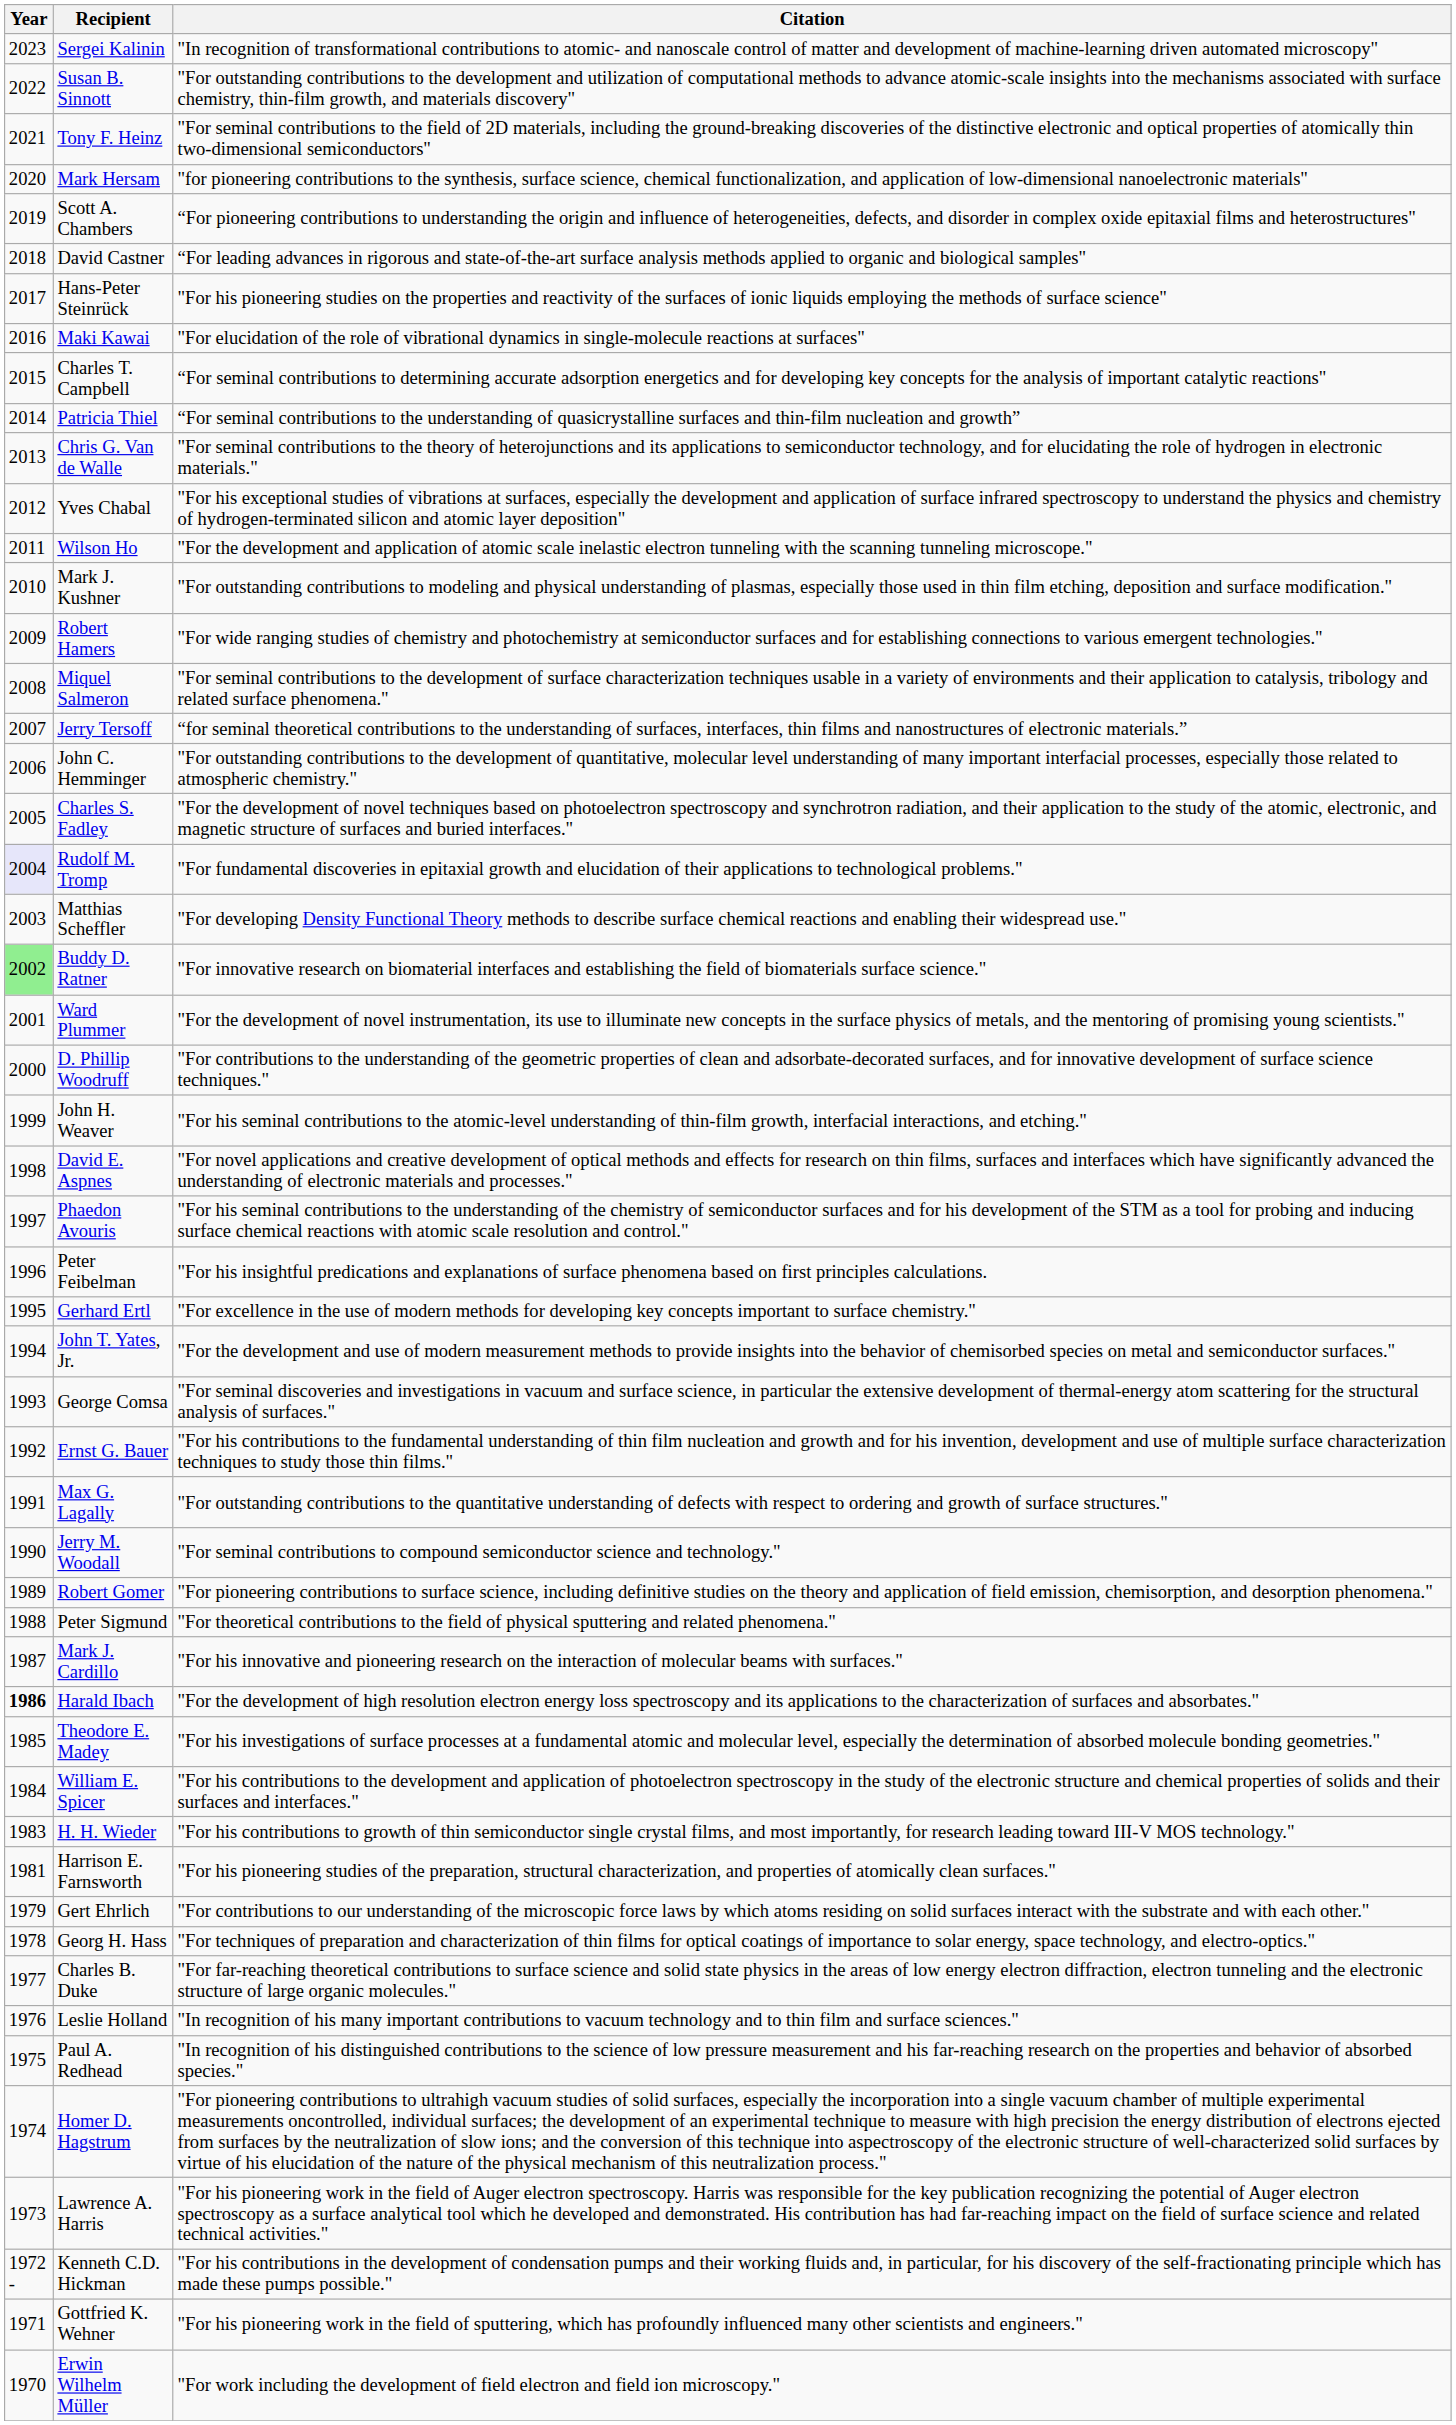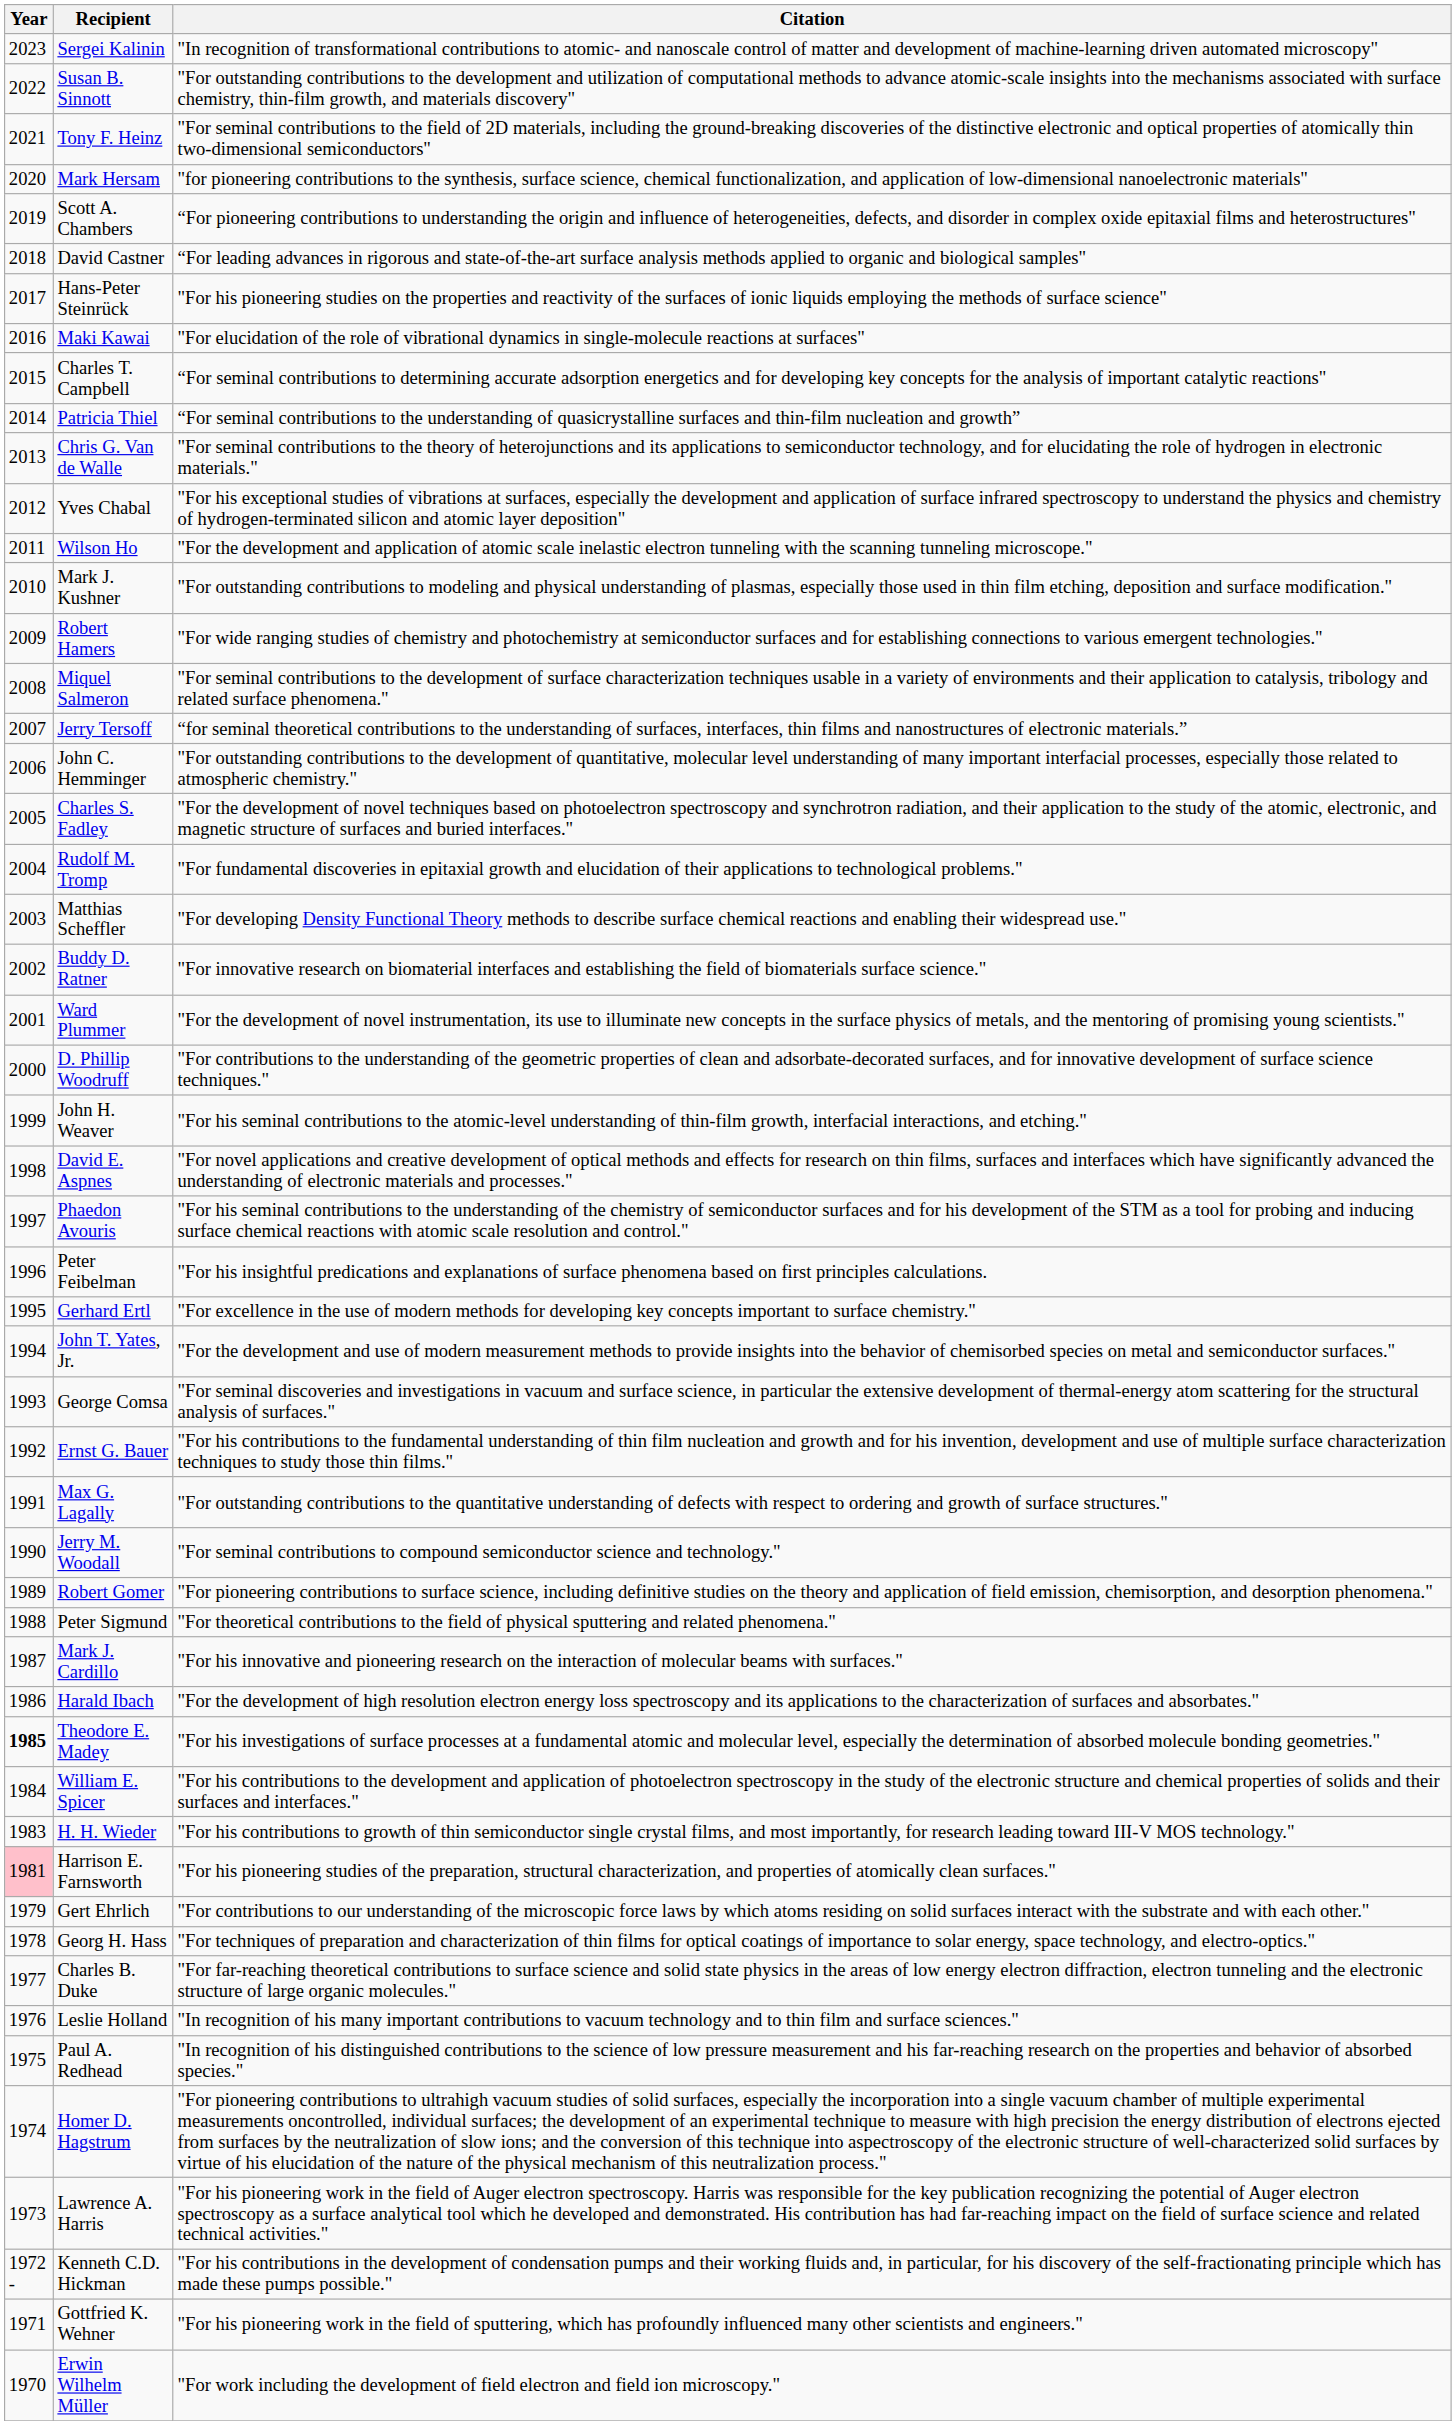 <table class="wikitable">
 <tr>
 <th>Year</th>
 <th>Recipient</th>
 <th>Citation</th>
 </tr>
 <tr>
 <td>2023</td>
 <td><a href='#'>Sergei Kalinin</a></td>
 <td>"In recognition of transformational contributions to atomic- and nanoscale control of matter and development of machine-learning driven automated microscopy"</td>
 </tr>
 <tr>
 <td>2022</td>
 <td><a href='#'>Susan B. Sinnott</a></td>
 <td>"For outstanding contributions to the development and utilization of computational methods to advance atomic-scale insights into the mechanisms associated with surface chemistry, thin-film growth, and materials discovery"</td>
 </tr>
 <tr>
 <td>2021</td>
 <td><a href='#'>Tony F. Heinz</a></td>
 <td>"For seminal contributions to the field of 2D materials, including the ground-breaking discoveries of the distinctive electronic and optical properties of atomically thin two-dimensional semiconductors"</td>
 </tr>
 <tr>
 <td>2020</td>
 <td><a href='#'>Mark Hersam</a></td>
 <td>"for pioneering contributions to the synthesis, surface science, chemical functionalization, and application of low-dimensional nanoelectronic materials"</td>
 </tr>
 <tr>
 <td>2019</td>
 <td>Scott A. Chambers</td>
 <td>“For pioneering contributions to understanding the origin and influence of heterogeneities, defects, and disorder in complex oxide epitaxial films and heterostructures"</td>
 </tr>
 <tr>
 <td>2018</td>
 <td>David Castner</td>
 <td>“For leading advances in rigorous and state-of-the-art surface analysis methods applied to organic and biological samples"</td>
 </tr>
 <tr>
 <td>2017</td>
 <td>Hans-Peter Steinrück</td>
 <td>"For his pioneering studies on the properties and reactivity of the surfaces of ionic liquids employing the methods of surface science"</td>
 </tr>
 <tr>
 <td>2016</td>
 <td><a href='#'>Maki Kawai</a></td>
 <td>"For elucidation of the role of vibrational dynamics in single-molecule reactions at surfaces"</td>
 </tr>
 <tr>
 <td>2015</td>
 <td>Charles T. Campbell</td>
 <td>“For seminal contributions to determining accurate adsorption energetics and for developing key concepts for the analysis of important catalytic reactions"</td>
 </tr>
 <tr>
 <td>2014</td>
 <td><a href='#'>Patricia Thiel</a></td>
 <td>“For seminal contributions to the understanding of quasicrystalline surfaces and thin-film nucleation and growth”</td>
 </tr>
 <tr>
 <td>2013</td>
 <td><a href='#'>Chris G. Van de Walle</a></td>
 <td>"For seminal contributions to the theory of heterojunctions and its applications to semiconductor technology, and for elucidating the role of hydrogen in electronic materials."</td>
 </tr>
 <tr>
 <td>2012</td>
 <td>Yves Chabal</td>
 <td>"For his exceptional studies of vibrations at surfaces, especially the development and application of surface infrared spectroscopy to understand the physics and chemistry of hydrogen-terminated silicon and atomic layer deposition"</td>
 </tr>
 <tr>
 <td>2011</td>
 <td><a href='#'>Wilson Ho</a></td>
 <td>"For the development and application of atomic scale inelastic electron tunneling with the scanning tunneling microscope."</td>
 </tr>
 <tr>
 <td>2010</td>
 <td>Mark J. Kushner</td>
 <td>"For outstanding contributions to modeling and physical understanding of plasmas, especially those used in thin film etching, deposition and surface modification."</td>
 </tr>
 <tr>
 <td>2009</td>
 <td><a href='#'>Robert Hamers</a></td>
 <td>"For wide ranging studies of chemistry and photochemistry at semiconductor surfaces and for establishing connections to various emergent technologies."</td>
 </tr>
 <tr>
 <td>2008</td>
 <td><a href='#'>Miquel Salmeron</a></td>
 <td>"For seminal contributions to the development of surface characterization techniques usable in a variety of environments and their application to catalysis, tribology and related surface phenomena."</td>
 </tr>
 <tr>
 <td>2007</td>
 <td><a href='#'>Jerry Tersoff</a></td>
 <td>“for seminal theoretical contributions to the understanding of surfaces, interfaces, thin films and nanostructures of electronic materials.”</td>
 </tr>
 <tr>
 <td>2006</td>
 <td>John C. Hemminger</td>
 <td>"For outstanding contributions to the development of quantitative, molecular level understanding of many important interfacial processes, especially those related to atmospheric chemistry."</td>
 </tr>
 <tr>
 <td>2005</td>
 <td><a href='#'>Charles S. Fadley</a></td>
 <td>"For the development of novel techniques based on photoelectron spectroscopy and synchrotron radiation, and their application to the study of the atomic, electronic, and magnetic structure of surfaces and buried interfaces."</td>
 </tr>
 <tr>
-<td style="background: lavender;">2004</td>
+<td>2004</td>
 <td><a href='#'>Rudolf M. Tromp</a></td>
 <td>"For fundamental discoveries in epitaxial growth and elucidation of their applications to technological problems."</td>
 </tr>
 <tr>
 <td>2003</td>
 <td>Matthias Scheffler</td>
 <td>"For developing <a href='#'>Density Functional Theory</a> methods to describe surface chemical reactions and enabling their widespread use."</td>
 </tr>
 <tr>
-<td style="background: lightgreen;">2002</td>
+<td>2002</td>
 <td><a href='#'>Buddy D. Ratner</a></td>
 <td>"For innovative research on biomaterial interfaces and establishing the field of biomaterials surface science."</td>
 </tr>
 <tr>
 <td>2001</td>
 <td><a href='#'>Ward Plummer</a></td>
 <td>"For the development of novel instrumentation, its use to illuminate new concepts in the surface physics of metals, and the mentoring of promising young scientists."</td>
 </tr>
 <tr>
 <td>2000</td>
 <td><a href='#'>D. Phillip Woodruff</a></td>
 <td>"For contributions to the understanding of the geometric properties of clean and adsorbate-decorated surfaces, and for innovative development of surface science techniques."</td>
 </tr>
 <tr>
 <td>1999</td>
 <td>John H. Weaver</td>
 <td>"For his seminal contributions to the atomic-level understanding of thin-film growth, interfacial interactions, and etching."</td>
 </tr>
 <tr>
 <td>1998</td>
 <td><a href='#'>David E. Aspnes</a></td>
 <td>"For novel applications and creative development of optical methods and effects for research on thin films, surfaces and interfaces which have significantly advanced the understanding of electronic materials and processes."</td>
 </tr>
 <tr>
 <td>1997</td>
 <td><a href='#'>Phaedon Avouris</a></td>
 <td>"For his seminal contributions to the understanding of the chemistry of semiconductor surfaces and for his development of the STM as a tool for probing and inducing surface chemical reactions with atomic scale resolution and control."</td>
 </tr>
 <tr>
 <td>1996</td>
 <td>Peter Feibelman</td>
 <td>"For his insightful predications and explanations of surface phenomena based on first principles calculations.</td>
 </tr>
 <tr>
 <td>1995</td>
 <td><a href='#'>Gerhard Ertl</a></td>
 <td>"For excellence in the use of modern methods for developing key concepts important to surface chemistry."</td>
 </tr>
 <tr>
 <td>1994</td>
 <td><a href='#'>John T. Yates</a>, Jr.</td>
 <td>"For the development and use of modern measurement methods to provide insights into the behavior of chemisorbed species on metal and semiconductor surfaces."</td>
 </tr>
 <tr>
 <td>1993</td>
 <td>George Comsa</td>
 <td>"For seminal discoveries and investigations in vacuum and surface science, in particular the extensive development of thermal-energy atom scattering for the structural analysis of surfaces."</td>
 </tr>
 <tr>
 <td>1992</td>
 <td><a href='#'>Ernst G. Bauer</a></td>
 <td>"For his contributions to the fundamental understanding of thin film nucleation and growth and for his invention, development and use of multiple surface characterization techniques to study those thin films."</td>
 </tr>
 <tr>
 <td>1991</td>
 <td><a href='#'>Max G. Lagally</a></td>
 <td>"For outstanding contributions to the quantitative understanding of defects with respect to ordering and growth of surface structures."</td>
 </tr>
 <tr>
 <td>1990</td>
 <td><a href='#'>Jerry M. Woodall</a></td>
 <td>"For seminal contributions to compound semiconductor science and technology."</td>
 </tr>
 <tr>
 <td>1989</td>
 <td><a href='#'>Robert Gomer</a></td>
 <td>"For pioneering contributions to surface science, including definitive studies on the theory and application of field emission, chemisorption, and desorption phenomena."</td>
 </tr>
 <tr>
 <td>1988</td>
 <td>Peter Sigmund</td>
 <td>"For theoretical contributions to the field of physical sputtering and related phenomena."</td>
 </tr>
 <tr>
 <td>1987</td>
 <td><a href='#'>Mark J. Cardillo</a></td>
 <td>"For his innovative and pioneering research on the interaction of molecular beams with surfaces."</td>
 </tr>
 <tr>
-<td><strong>1986</strong></td>
+<td>1986</td>
 <td><a href='#'>Harald Ibach</a></td>
 <td>"For the development of high resolution electron energy loss spectroscopy and its applications to the characterization of surfaces and absorbates."</td>
 </tr>
 <tr>
-<td>1985</td>
+<td><strong>1985</strong></td>
 <td><a href='#'>Theodore E. Madey</a></td>
 <td>"For his investigations of surface processes at a fundamental atomic and molecular level, especially the determination of absorbed molecule bonding geometries."</td>
 </tr>
 <tr>
 <td>1984</td>
 <td><a href='#'>William E. Spicer</a></td>
 <td>"For his contributions to the development and application of photoelectron spectroscopy in the study of the electronic structure and chemical properties of solids and their surfaces and interfaces."</td>
 </tr>
 <tr>
 <td>1983</td>
 <td><a href='#'>H. H. Wieder</a></td>
 <td>"For his contributions to growth of thin semiconductor single crystal films, and most importantly, for research leading toward III-V MOS technology."</td>
 </tr>
 <tr>
-<td>1981</td>
+<td style="background: pink;">1981</td>
 <td>Harrison E. Farnsworth</td>
 <td>"For his pioneering studies of the preparation, structural characterization, and properties of atomically clean surfaces."</td>
 </tr>
 <tr>
 <td>1979</td>
 <td>Gert Ehrlich</td>
 <td>"For contributions to our understanding of the microscopic force laws by which atoms residing on solid surfaces interact with the substrate and with each other."</td>
 </tr>
 <tr>
 <td>1978</td>
 <td>Georg H. Hass</td>
 <td>"For techniques of preparation and characterization of thin films for optical coatings of importance to solar energy, space technology, and electro-optics."</td>
 </tr>
 <tr>
 <td>1977</td>
 <td>Charles B. Duke</td>
 <td>"For far-reaching theoretical contributions to surface science and solid state physics in the areas of low energy electron diffraction, electron tunneling and the electronic structure of large organic molecules."</td>
 </tr>
 <tr>
 <td>1976</td>
 <td>Leslie Holland</td>
 <td>"In recognition of his many important contributions to vacuum technology and to thin film and surface sciences."</td>
 </tr>
 <tr>
 <td>1975</td>
 <td>Paul A. Redhead</td>
 <td>"In recognition of his distinguished contributions to the science of low pressure measurement and his far-reaching research on the properties and behavior of absorbed species."</td>
 </tr>
 <tr>
 <td>1974</td>
 <td><a href='#'>Homer D. Hagstrum</a></td>
 <td>"For pioneering contributions to ultrahigh vacuum studies of solid surfaces, especially the incorporation into a single vacuum chamber of multiple experimental measurements oncontrolled, individual surfaces; the development of an experimental technique to measure with high precision the energy distribution of electrons ejected from surfaces by the neutralization of slow ions; and the conversion of this technique into aspectroscopy of the electronic structure of well-characterized solid surfaces by virtue of his elucidation of the nature of the physical mechanism of this neutralization process."</td>
 </tr>
 <tr>
 <td>1973</td>
 <td>Lawrence A. Harris</td>
 <td>"For his pioneering work in the field of Auger electron spectroscopy. Harris was responsible for the key publication recognizing the potential of Auger electron spectroscopy as a surface analytical tool which he developed and demonstrated. His contribution has had far-reaching impact on the field of surface science and related technical activities."</td>
 </tr>
 <tr>
 <td>1972 -</td>
 <td>Kenneth C.D. Hickman</td>
 <td>"For his contributions in the development of condensation pumps and their working fluids and, in particular, for his discovery of the self-fractionating principle which has made these pumps possible."</td>
 </tr>
 <tr>
 <td>1971</td>
 <td>Gottfried K. Wehner</td>
 <td>"For his pioneering work in the field of sputtering, which has profoundly influenced many other scientists and engineers."</td>
 </tr>
 <tr>
 <td>1970</td>
 <td><a href='#'>Erwin Wilhelm Müller</a></td>
 <td>"For work including the development of field electron and field ion microscopy."</td>
 </tr>
 </table>
